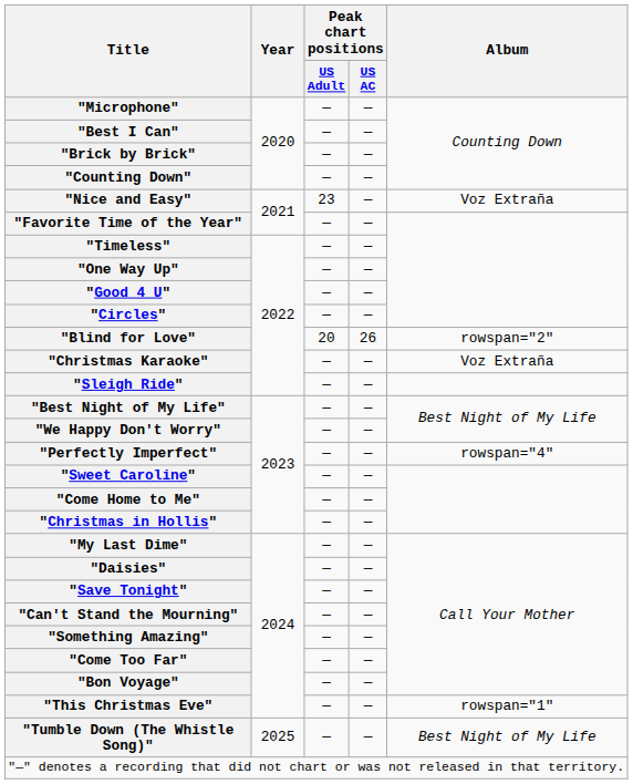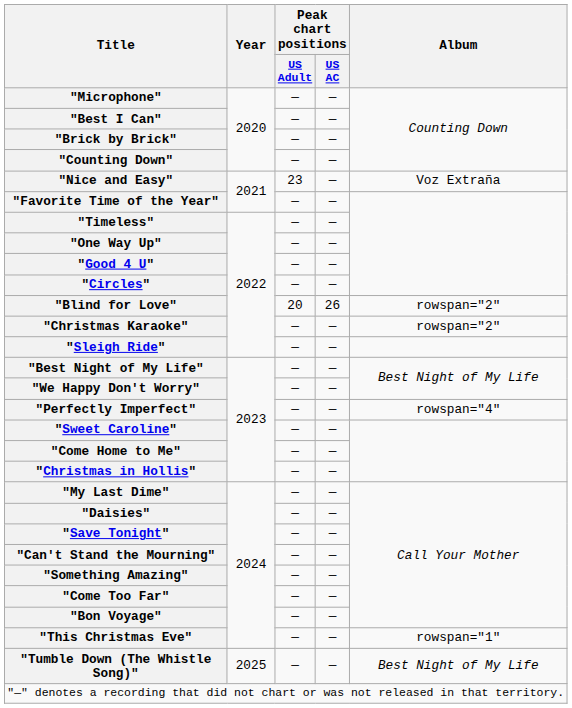 <table class="wikitable plainrowheaders" style="text-align:center;">
 <tr>
 <th scope="col" rowspan="2" style="width:17em;">Title</th>
 <th scope="col" rowspan="2">Year</th>
 <th colspan="2">Peak chart positions</th>
 <th scope="col" rowspan="2">Album</th>
 </tr>
 <tr>
 <th scope="col" style="width:2.5em;font-size:90%;"><a href='#'>US<br>Adult</a><br></th>
 <th scope="col" style="width:2.5em;font-size:90%;"><a href='#'>US AC</a> <br> </th>
 </tr>
 <tr>
 <th scope="row">"Microphone"</th>
 <td rowspan="4">2020</td>
 <td>—</td>
 <td>—</td>
 <td rowspan="4"><em>Counting Down</em></td>
 </tr>
 <tr>
 <th scope="row">"Best I Can"<br></th>
 <td>—</td>
 <td>—</td>
 </tr>
 <tr>
 <th scope="row">"Brick by Brick"</th>
 <td>—</td>
 <td>—</td>
 </tr>
 <tr>
 <th scope="row">"Counting Down"</th>
 <td>—</td>
 <td>—</td>
 </tr>
 <tr>
 <th scope="row">"Nice and Easy"<br></th>
 <td rowspan="2">2021</td>
 <td>23</td>
 <td>—</td>
 <td>Voz Extraña</td>
 </tr>
 <tr>
 <th scope="row">"Favorite Time of the Year"</th>
 <td>—</td>
 <td>—</td>
 </tr>
 <tr>
 <th scope="row">"Timeless"<br></th>
 <td rowspan="7">2022</td>
 <td>—</td>
 <td>—</td>
 </tr>
 <tr>
 <th scope="row">"One Way Up"<br></th>
 <td>—</td>
 <td>—</td>
 </tr>
 <tr>
 <th scope="row">"<a href='#'>Good 4 U</a>"<br></th>
 <td>—</td>
 <td>—</td>
 </tr>
 <tr>
 <th scope="row">"<a href='#'>Circles</a>"<br></th>
 <td>—</td>
 <td>—</td>
 </tr>
 <tr>
 <th scope="row">"Blind for Love"</th>
 <td>20</td>
 <td>26</td>
 <td>rowspan="2" </td>
 </tr>
 <tr>
 <th scope="row">"Christmas Karaoke"</th>
 <td>—</td>
 <td>—</td>
-<td>Voz Extraña</td>
+<td>rowspan="2" </td>
 </tr>
 <tr>
 <th scope="row">"<a href='#'>Sleigh Ride</a>"<br></th>
 <td>—</td>
 <td>—</td>
 </tr>
 <tr>
 <th scope="row">"Best Night of My Life"</th>
 <td rowspan="6">2023</td>
 <td>—</td>
 <td>—</td>
 <td rowspan="2"><em>Best Night of My Life</em></td>
 </tr>
 <tr>
 <th scope="row">"We Happy Don't Worry"</th>
 <td>—</td>
 <td>—</td>
 </tr>
 <tr>
 <th scope="row">"Perfectly Imperfect"<br></th>
 <td>—</td>
 <td>—</td>
 <td>rowspan="4" </td>
 </tr>
 <tr>
 <th scope="row">"<a href='#'>Sweet Caroline</a>"<br></th>
 <td>—</td>
 <td>—</td>
 </tr>
 <tr>
 <th scope="row">"Come Home to Me"</th>
 <td>—</td>
 <td>—</td>
 </tr>
 <tr>
 <th scope="row">"<a href='#'>Christmas in Hollis</a>"<br></th>
 <td>—</td>
 <td>—</td>
 </tr>
 <tr>
 <th scope="row">"My Last Dime"</th>
 <td rowspan="8">2024</td>
 <td>—</td>
 <td>—</td>
 <td rowspan="7"><em>Call Your Mother</em></td>
 </tr>
 <tr>
 <th scope="row">"Daisies"</th>
 <td>—</td>
 <td>—</td>
 </tr>
 <tr>
 <th scope="row">"<a href='#'>Save Tonight</a>"<br></th>
 <td>—</td>
 <td>—</td>
 </tr>
 <tr>
 <th scope="row">"Can't Stand the Mourning"</th>
 <td>—</td>
 <td>—</td>
 </tr>
 <tr>
 <th scope="row">"Something Amazing"<br></th>
 <td>—</td>
 <td>—</td>
 </tr>
 <tr>
 <th scope="row">"Come Too Far"</th>
 <td>—</td>
 <td>—</td>
 </tr>
 <tr>
 <th scope="row">"Bon Voyage"</th>
 <td>—</td>
 <td>—</td>
 </tr>
 <tr>
 <th scope="row">"This Christmas Eve"</th>
 <td>—</td>
 <td>—</td>
 <td>rowspan="1" </td>
 </tr>
 <tr>
 <th scope="row">"Tumble Down (The Whistle Song)"</th>
 <td>2025</td>
 <td>—</td>
 <td>—</td>
 <td><em>Best Night of My Life</em></td>
 </tr>
 <tr>
 <td colspan="5" style="font-size:90%">"—" denotes a recording that did not chart or was not released in that territory.</td>
 </tr>
 </table>
